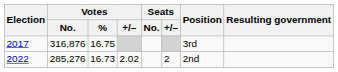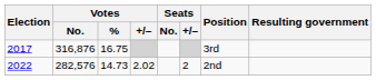 <table class="wikitable">
 <tr>
 <th rowspan="2" style="background-color:">Election</th>
 <th colspan="3" style="background-color:">Votes</th>
 <th colspan="2" style="background-color:">Seats</th>
 <th rowspan="2" style="background-color:">Position</th>
 <th rowspan="2" style="background-color:">Resulting government</th>
 </tr>
 <tr>
 <th style="background-color:">No.</th>
 <th style="background-color:">%</th>
 <th style="background-color:">+/–</th>
 <th style="background-color:">No.</th>
 <th style="background-color:">+/–</th>
 </tr>
 <tr>
 <td><a href='#'>2017</a></td>
 <td>316,876</td>
 <td>16.75</td>
 <td bgcolor="lightgray"></td>
 <td></td>
 <td bgcolor="lightgray"></td>
 <td> 3rd</td>
 <td></td>
 </tr>
 <tr>
 <td><a href='#'>2022</a></td>
-<td>285,276</td>
-<td>16.73</td>
+<td>282,576</td>
+<td>14.73</td>
 <td> 2.02</td>
 <td></td>
 <td> 2</td>
 <td>2nd</td>
 <td></td>
 </tr>
 </table>
